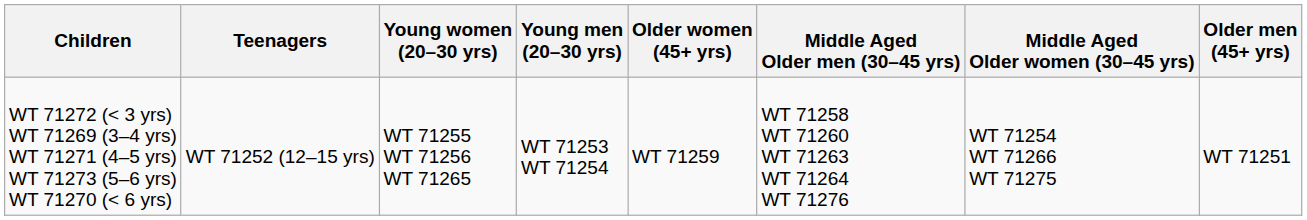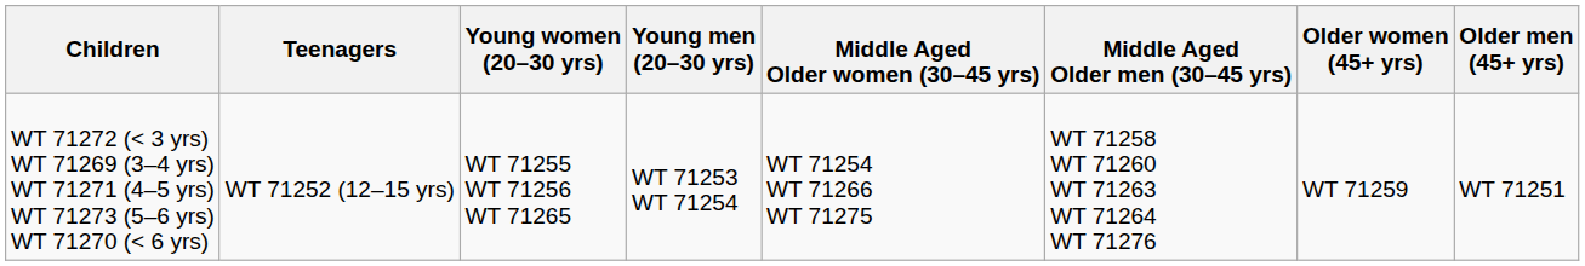 <table class="wikitable">
 <tr>
 <th>Children</th>
 <th>Teenagers</th>
 <th>Young women<br>(20–30 yrs)</th>
 <th>Young men<br>(20–30 yrs)</th>
+<th><br>Middle Aged<br>Older women (30–45 yrs)</th>
+<th><br>Middle Aged<br>Older men (30–45 yrs)</th>
 <th>Older women<br>(45+ yrs)</th>
-<th><br>Middle Aged<br>Older men (30–45 yrs)</th>
-<th><br>Middle Aged<br>Older women (30–45 yrs)</th>
 <th>Older men<br>(45+ yrs)</th>
 </tr>
 <tr>
 <td><br>WT 71272  (< 3 yrs)<br>WT 71269 (3–4 yrs)<br>WT 71271 (4–5 yrs)<br>WT 71273 (5–6  yrs)<br>WT 71270  (< 6 yrs)</td>
 <td><br>WT 71252 (12–15 yrs)</td>
 <td><br>WT 71255<br>WT 71256<br>WT 71265</td>
 <td><br>WT 71253<br>WT 71254</td>
+<td><br>WT 71254<br>WT 71266<br>WT 71275</td>
+<td><br>WT 71258<br>WT 71260<br>WT 71263<br>WT 71264<br>WT 71276</td>
 <td><br>WT 71259</td>
-<td><br>WT 71258<br>WT 71260<br>WT 71263<br>WT 71264<br>WT 71276</td>
-<td><br>WT 71254<br>WT 71266<br>WT 71275</td>
 <td><br>WT 71251</td>
 </tr>
 </table>
